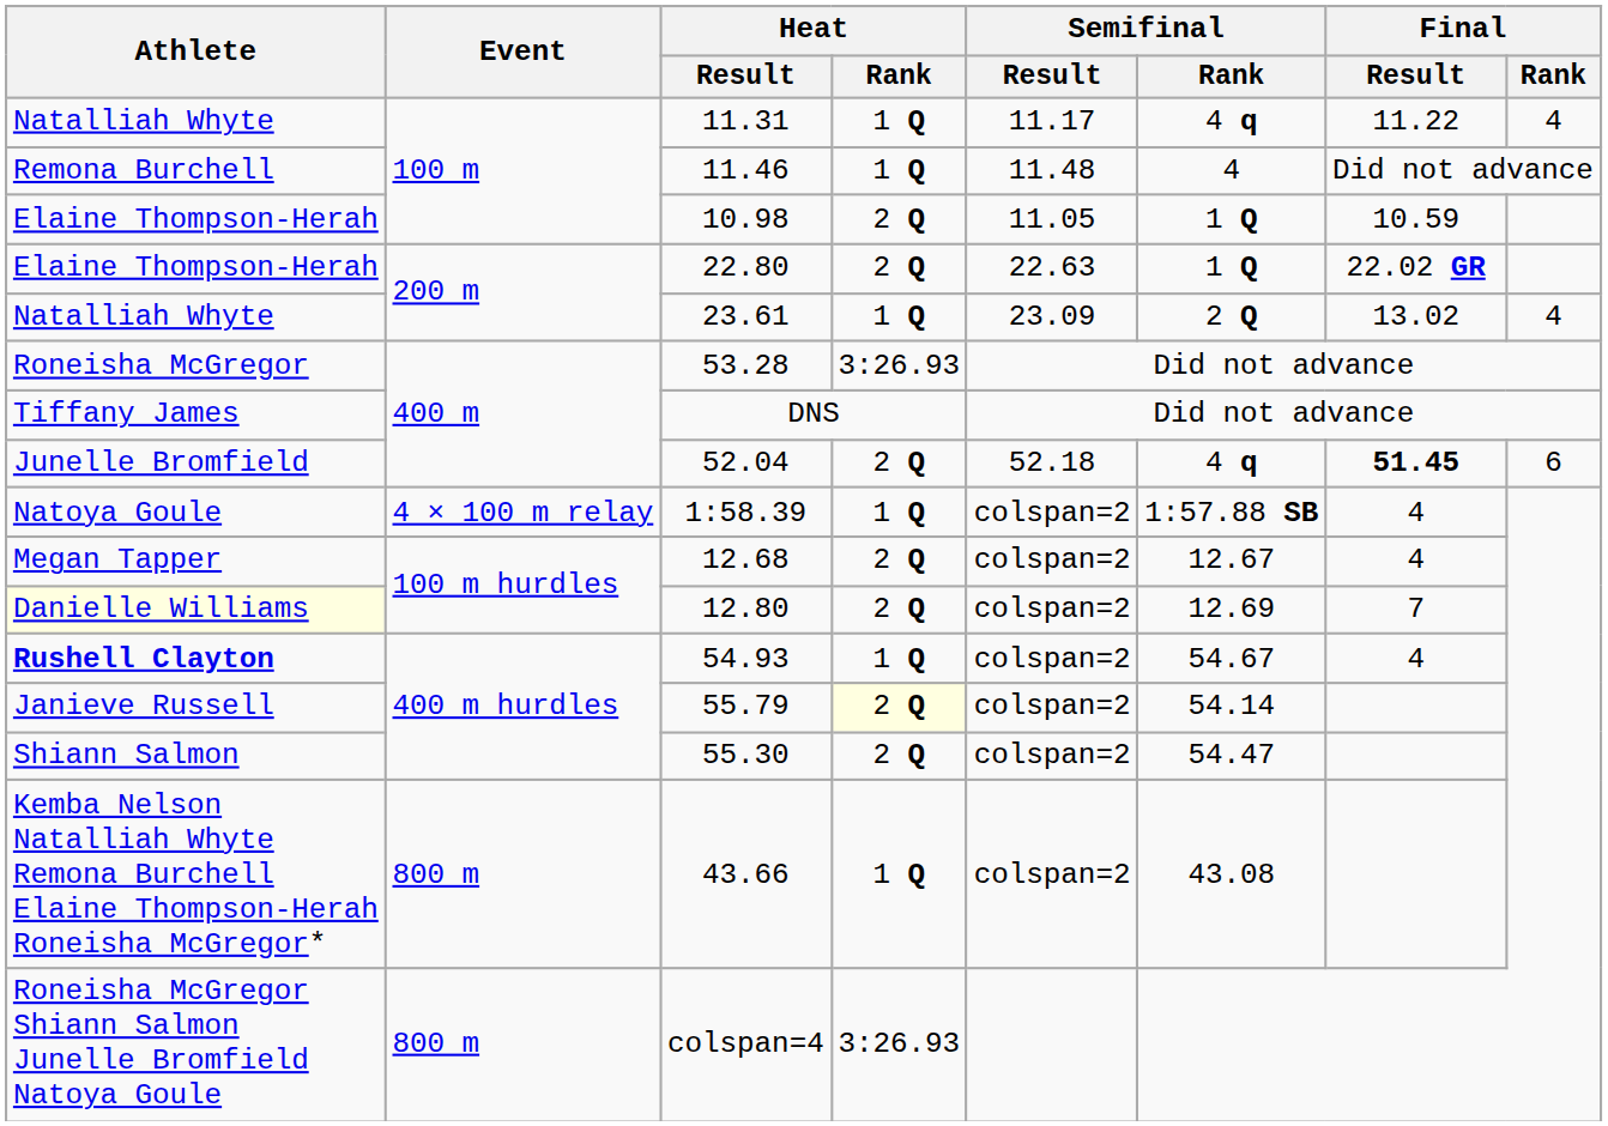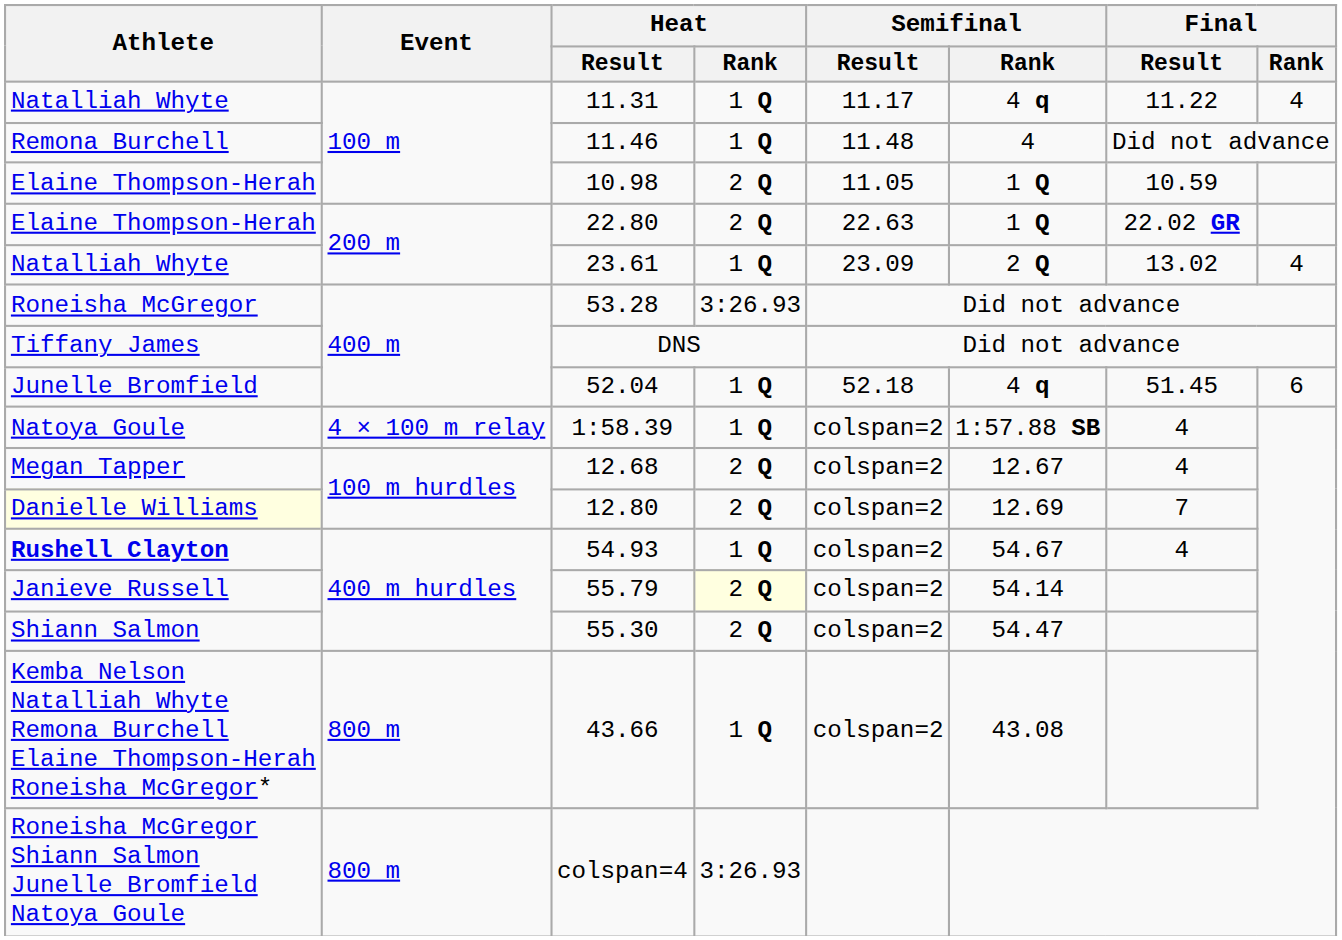 <table class="wikitable" style="font-size:90%; text-align:center">
 <tr>
 <th rowspan=2>Athlete</th>
 <th rowspan=2>Event</th>
 <th colspan=2>Heat</th>
 <th colspan=2>Semifinal</th>
 <th colspan=2>Final</th>
 </tr>
 <tr style="font-size:95%">
 <th>Result</th>
 <th>Rank</th>
 <th>Result</th>
 <th>Rank</th>
 <th>Result</th>
 <th>Rank</th>
 </tr>
 <tr>
 <td align=left><a href='#'>Natalliah Whyte</a></td>
 <td align=left rowspan=3><a href='#'>100 m</a></td>
 <td>11.31</td>
 <td>1 <strong>Q</strong></td>
 <td>11.17</td>
 <td>4 <strong>q</strong></td>
 <td>11.22</td>
 <td>4</td>
 </tr>
 <tr>
 <td align=left><a href='#'>Remona Burchell</a></td>
 <td>11.46</td>
 <td>1 <strong>Q</strong></td>
 <td>11.48</td>
 <td>4</td>
 <td colspan=2>Did not advance</td>
 </tr>
 <tr>
 <td align=left><a href='#'>Elaine Thompson-Herah</a></td>
 <td>10.98</td>
 <td>2 <strong>Q</strong></td>
 <td>11.05</td>
 <td>1 <strong>Q</strong></td>
 <td>10.59</td>
 <td></td>
 </tr>
 <tr>
 <td align=left><a href='#'>Elaine Thompson-Herah</a></td>
 <td align=left rowspan=2><a href='#'>200 m</a></td>
 <td>22.80</td>
 <td>2 <strong>Q</strong></td>
 <td>22.63</td>
 <td>1 <strong>Q</strong></td>
 <td>22.02  <strong><a href='#'>GR</a></strong> </td>
 <td></td>
 </tr>
 <tr>
 <td align=left><a href='#'>Natalliah Whyte</a></td>
 <td>23.61</td>
 <td>1 <strong>Q</strong></td>
 <td>23.09</td>
 <td>2 <strong>Q</strong></td>
 <td>13.02</td>
 <td>4</td>
 </tr>
 <tr>
 <td align=left><a href='#'>Roneisha McGregor</a></td>
 <td align=left rowspan=3><a href='#'>400 m</a></td>
 <td>53.28</td>
 <td>3:26.93</td>
 <td colspan=4>Did not advance</td>
 </tr>
 <tr>
 <td align=left><a href='#'>Tiffany James</a></td>
 <td colspan=2>DNS</td>
 <td colspan=4>Did not advance</td>
 </tr>
 <tr>
 <td align=left><a href='#'>Junelle Bromfield</a></td>
 <td>52.04</td>
-<td>2 <strong>Q</strong></td>
+<td>1 <strong>Q</strong></td>
 <td>52.18</td>
 <td>4 <strong>q</strong></td>
-<td><strong>51.45</strong></td>
+<td>51.45</td>
 <td>6</td>
 </tr>
 <tr>
 <td align=left><a href='#'>Natoya Goule</a></td>
 <td align=left><a href='#'>4 × 100 m relay</a></td>
 <td>1:58.39</td>
 <td>1 <strong>Q</strong></td>
 <td>colspan=2 </td>
 <td>1:57.88 <strong>SB</strong></td>
 <td>4</td>
 </tr>
 <tr>
 <td align=left><a href='#'>Megan Tapper</a></td>
 <td align=left rowspan=2><a href='#'>100 m hurdles</a></td>
 <td>12.68</td>
 <td>2 <strong>Q</strong></td>
 <td>colspan=2 </td>
 <td>12.67</td>
 <td>4</td>
 </tr>
 <tr>
 <td align=left style="background: lightyellow;"><a href='#'>Danielle Williams</a></td>
 <td>12.80</td>
 <td>2 <strong>Q</strong></td>
 <td>colspan=2 </td>
 <td>12.69</td>
 <td>7</td>
 </tr>
 <tr>
 <td align=left><strong><a href='#'>Rushell Clayton</a></strong></td>
 <td align=left rowspan=3><a href='#'>400 m hurdles</a></td>
 <td>54.93</td>
 <td>1 <strong>Q</strong></td>
 <td>colspan=2 </td>
 <td>54.67</td>
 <td>4</td>
 </tr>
 <tr>
 <td align=left><a href='#'>Janieve Russell</a></td>
 <td>55.79</td>
 <td style="background: lightyellow;">2 <strong>Q</strong></td>
 <td>colspan=2 </td>
 <td>54.14</td>
 <td></td>
 </tr>
 <tr>
 <td align=left><a href='#'>Shiann Salmon</a></td>
 <td>55.30</td>
 <td>2 <strong>Q</strong></td>
 <td>colspan=2 </td>
 <td>54.47</td>
 <td></td>
 </tr>
 <tr>
 <td align=left><a href='#'>Kemba Nelson</a><br><a href='#'>Natalliah Whyte</a><br><a href='#'>Remona Burchell</a><br><a href='#'>Elaine Thompson-Herah</a><br><a href='#'>Roneisha McGregor</a>*</td>
 <td align=left rowspan=1><a href='#'>800 m</a></td>
 <td>43.66</td>
 <td>1 <strong>Q</strong></td>
 <td>colspan=2 </td>
 <td>43.08</td>
 <td></td>
 </tr>
 <tr>
 <td align=left><a href='#'>Roneisha McGregor</a><br><a href='#'>Shiann Salmon</a><br><a href='#'>Junelle Bromfield</a><br><a href='#'>Natoya Goule</a></td>
 <td align=left rowspan=1><a href='#'>800 m</a></td>
 <td>colspan=4 </td>
 <td>3:26.93</td>
 <td></td>
 </tr>
 </table>
